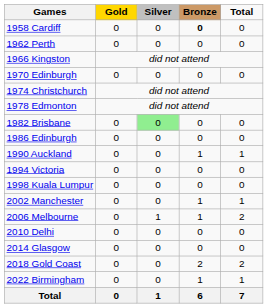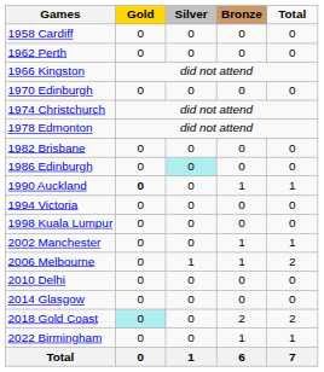 <table class="wikitable" style="text-align:center">
 <tr>
 <th>Games</th>
 <td width=60 bgcolor=gold><strong>Gold</strong></td>
 <td width=60 bgcolor=silver><strong>Silver</strong></td>
 <td width=60 bgcolor=cc9966><strong>Bronze</strong></td>
 <td width=60><strong>Total</strong></td>
 </tr>
 <tr>
 <td align=left><a href='#'>1958 Cardiff</a></td>
 <td>0</td>
 <td>0</td>
-<td><strong>0</strong></td>
+<td>0</td>
 <td>0</td>
 </tr>
 <tr>
 <td align=left><a href='#'>1962 Perth</a></td>
 <td>0</td>
 <td>0</td>
 <td>0</td>
 <td>0</td>
 </tr>
 <tr>
 <td align=left><a href='#'>1966 Kingston</a></td>
 <td colspan=4><em>did not attend</em></td>
 </tr>
 <tr>
 <td align=left><a href='#'>1970 Edinburgh</a></td>
 <td>0</td>
 <td>0</td>
 <td>0</td>
 <td>0</td>
 </tr>
 <tr>
 <td align=left><a href='#'>1974 Christchurch</a></td>
 <td colspan=4><em>did not attend</em></td>
 </tr>
 <tr>
 <td align=left><a href='#'>1978 Edmonton</a></td>
 <td colspan=4><em>did not attend</em></td>
 </tr>
 <tr>
 <td align=left><a href='#'>1982 Brisbane</a></td>
 <td>0</td>
-<td style="background: lightgreen;">0</td>
+<td>0</td>
 <td>0</td>
 <td>0</td>
 </tr>
 <tr>
 <td align=left><a href='#'>1986 Edinburgh</a></td>
 <td>0</td>
-<td>0</td>
+<td style="background: paleturquoise;">0</td>
 <td>0</td>
 <td>0</td>
 </tr>
 <tr>
 <td align=left><a href='#'>1990 Auckland</a></td>
-<td>0</td>
+<td><strong>0</strong></td>
 <td>0</td>
 <td>1</td>
 <td>1</td>
 </tr>
 <tr>
 <td align=left><a href='#'>1994 Victoria</a></td>
 <td>0</td>
 <td>0</td>
 <td>0</td>
 <td>0</td>
 </tr>
 <tr>
 <td align=left><a href='#'>1998 Kuala Lumpur</a></td>
 <td>0</td>
 <td>0</td>
 <td>0</td>
 <td>0</td>
 </tr>
 <tr>
 <td align=left><a href='#'>2002 Manchester</a></td>
 <td>0</td>
 <td>0</td>
 <td>1</td>
 <td>1</td>
 </tr>
 <tr>
 <td align=left><a href='#'>2006 Melbourne</a></td>
 <td>0</td>
 <td>1</td>
 <td>1</td>
 <td>2</td>
 </tr>
 <tr>
 <td align=left><a href='#'>2010 Delhi</a></td>
 <td>0</td>
 <td>0</td>
 <td>0</td>
 <td>0</td>
 </tr>
 <tr>
 <td align=left><a href='#'>2014 Glasgow</a></td>
 <td>0</td>
 <td>0</td>
 <td>0</td>
 <td>0</td>
 </tr>
 <tr>
 <td align=left><a href='#'>2018 Gold Coast</a></td>
-<td>0</td>
+<td style="background: paleturquoise;">0</td>
 <td>0</td>
 <td>2</td>
 <td>2</td>
 </tr>
 <tr>
 <td align=left><a href='#'>2022 Birmingham</a></td>
 <td>0</td>
 <td>0</td>
 <td>1</td>
 <td>1</td>
 </tr>
 <tr>
 <th>Total</th>
 <th>0</th>
 <th>1</th>
 <th>6</th>
 <th>7</th>
 </tr>
 </table>
